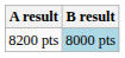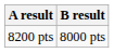 <table class="wikitable" border="1" align="upright">
 <tr>
 <th>A result</th>
 <th>B result</th>
 </tr>
 <tr>
 <td>8200 pts</td>
-<td style="background: lightblue;">8000 pts</td>
+<td>8000 pts</td>
 </tr>
 </table>
